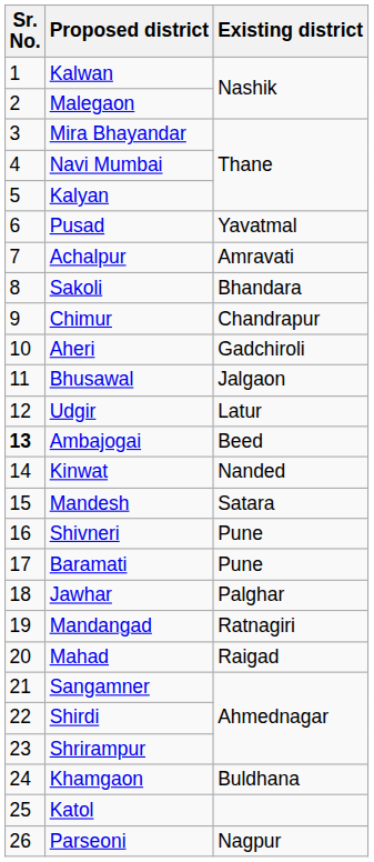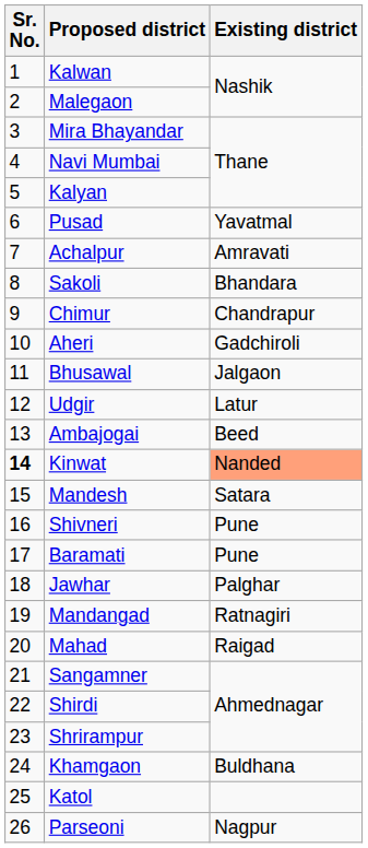 <table class="wikitable sortable">
 <tr>
 <th>Sr.<br>No.</th>
 <th>Proposed district</th>
 <th>Existing district</th>
 </tr>
 <tr>
 <td>1</td>
 <td><a href='#'>Kalwan</a></td>
 <td rowspan="2">Nashik</td>
 </tr>
 <tr>
 <td>2</td>
 <td><a href='#'>Malegaon</a></td>
 </tr>
 <tr>
 <td>3</td>
 <td><a href='#'>Mira Bhayandar</a></td>
 <td rowspan="3">Thane</td>
 </tr>
 <tr>
 <td>4</td>
 <td><a href='#'>Navi Mumbai</a></td>
 </tr>
 <tr>
 <td>5</td>
 <td><a href='#'>Kalyan</a></td>
 </tr>
 <tr>
 <td>6</td>
 <td><a href='#'>Pusad</a></td>
 <td>Yavatmal</td>
 </tr>
 <tr>
 <td>7</td>
 <td><a href='#'>Achalpur</a></td>
 <td>Amravati</td>
 </tr>
 <tr>
 <td>8</td>
 <td><a href='#'>Sakoli</a></td>
 <td>Bhandara</td>
 </tr>
 <tr>
 <td>9</td>
 <td><a href='#'>Chimur</a></td>
 <td>Chandrapur</td>
 </tr>
 <tr>
 <td>10</td>
 <td><a href='#'>Aheri</a></td>
 <td>Gadchiroli</td>
 </tr>
 <tr>
 <td>11</td>
 <td><a href='#'>Bhusawal</a></td>
 <td>Jalgaon</td>
 </tr>
 <tr>
 <td>12</td>
 <td><a href='#'>Udgir</a></td>
 <td>Latur</td>
 </tr>
 <tr>
-<td><strong>13</strong></td>
+<td>13</td>
 <td><a href='#'>Ambajogai</a></td>
 <td>Beed</td>
 </tr>
 <tr>
-<td>14</td>
+<td><strong>14</strong></td>
 <td><a href='#'>Kinwat</a></td>
-<td>Nanded</td>
+<td style="background: lightsalmon;">Nanded</td>
 </tr>
 <tr>
 <td>15</td>
 <td><a href='#'>Mandesh</a></td>
 <td>Satara</td>
 </tr>
 <tr>
 <td>16</td>
 <td><a href='#'>Shivneri</a></td>
 <td>Pune</td>
 </tr>
 <tr>
 <td>17</td>
 <td><a href='#'>Baramati</a></td>
 <td>Pune</td>
 </tr>
 <tr>
 <td>18</td>
 <td><a href='#'>Jawhar</a></td>
 <td>Palghar</td>
 </tr>
 <tr>
 <td>19</td>
 <td><a href='#'>Mandangad</a></td>
 <td>Ratnagiri</td>
 </tr>
 <tr>
 <td>20</td>
 <td><a href='#'>Mahad</a></td>
 <td>Raigad</td>
 </tr>
 <tr>
 <td>21</td>
 <td><a href='#'>Sangamner</a></td>
 <td rowspan="3">Ahmednagar</td>
 </tr>
 <tr>
 <td>22</td>
 <td><a href='#'>Shirdi</a></td>
 </tr>
 <tr>
 <td>23</td>
 <td><a href='#'>Shrirampur</a></td>
 </tr>
 <tr>
 <td>24</td>
 <td><a href='#'>Khamgaon</a></td>
 <td>Buldhana</td>
 </tr>
 <tr>
 <td>25</td>
 <td><a href='#'>Katol</a></td>
 </tr>
 <tr>
 <td>26</td>
 <td><a href='#'>Parseoni</a></td>
 <td>Nagpur</td>
 </tr>
 </table>
